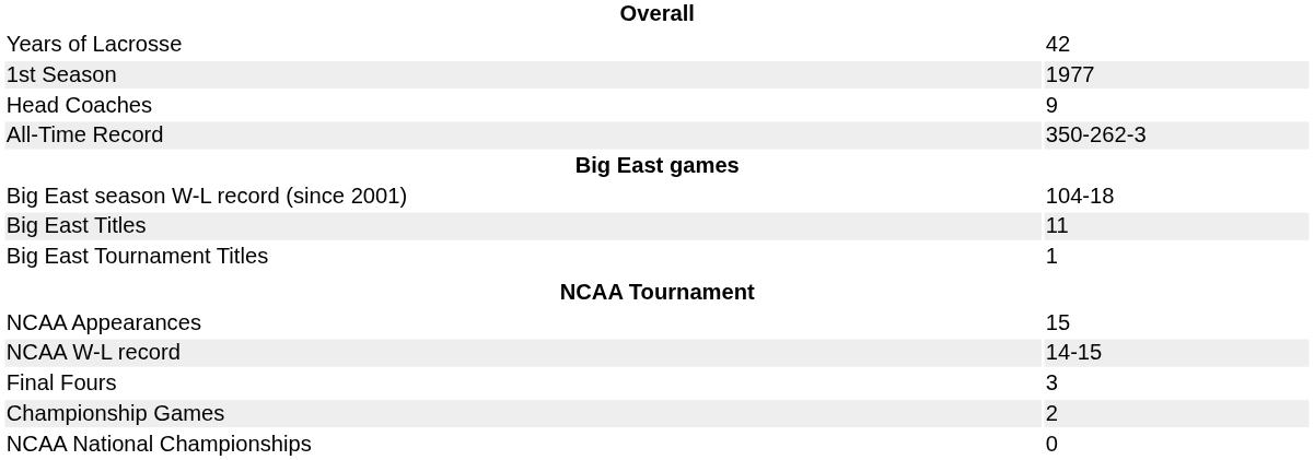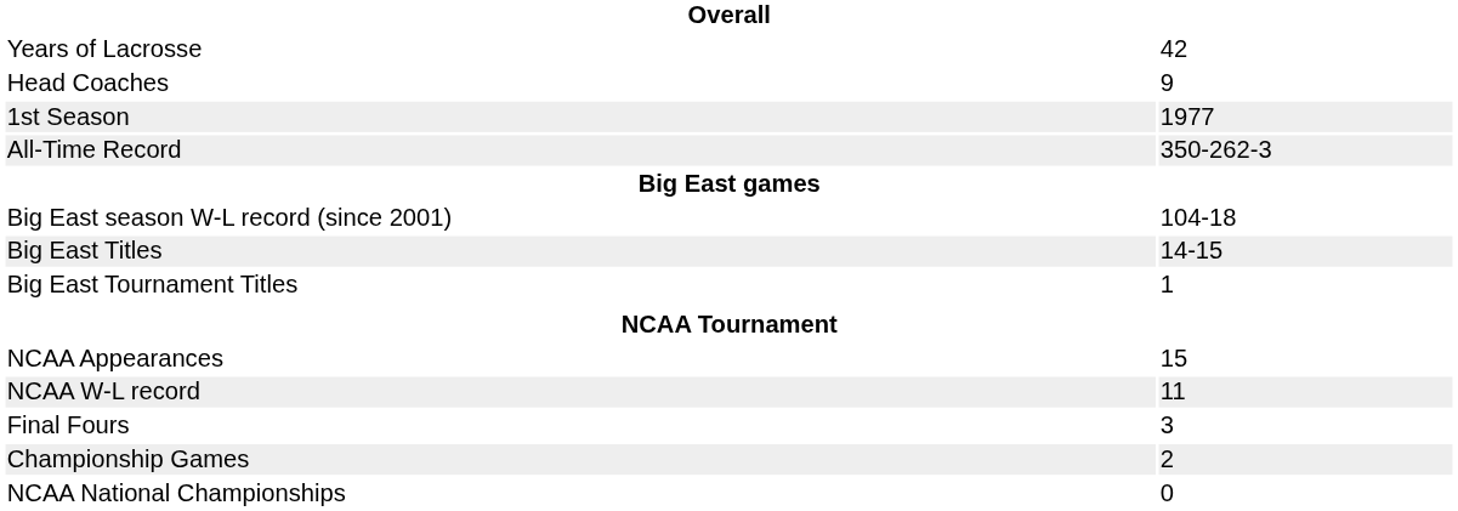 <table width=60% class="toccolours">
 <tr>
 <th colspan=2>Overall</th>
 </tr>
 <tr>
 <td>Years of Lacrosse</td>
 <td>42</td>
 </tr>
+<tr>
+<td>Head Coaches</td>
+<td>9</td>
+</tr>
 <tr bgcolor=#eeeeee>
 <td>1st Season</td>
 <td>1977</td>
-</tr>
-<tr>
-<td>Head Coaches</td>
-<td>9</td>
 </tr>
 <tr bgcolor=#eeeeee>
 <td>All-Time Record</td>
 <td>350-262-3</td>
 </tr>
 <tr>
 <th colspan=2>Big East games</th>
 </tr>
 <tr>
 <td>Big East season W-L record (since 2001)</td>
 <td>104-18</td>
 </tr>
 <tr bgcolor=#eeeeee>
 <td>Big East Titles</td>
-<td>11</td>
+<td>14-15</td>
 </tr>
 <tr>
 <td>Big East Tournament Titles</td>
 <td>1</td>
 </tr>
 <tr>
 </tr>
 <tr bgcolor=#eeeeee>
 </tr>
 <tr>
 <th colspan=2>NCAA Tournament</th>
 </tr>
 <tr>
 <td>NCAA Appearances</td>
 <td>15</td>
 </tr>
 <tr bgcolor=#eeeeee>
 <td>NCAA W-L record</td>
-<td>14-15</td>
+<td>11</td>
 </tr>
 <tr>
 <td>Final Fours</td>
 <td>3</td>
 </tr>
 <tr bgcolor=#eeeeee>
 <td>Championship Games</td>
 <td>2</td>
 </tr>
 <tr>
 <td>NCAA National Championships</td>
 <td>0</td>
 </tr>
 </table>
